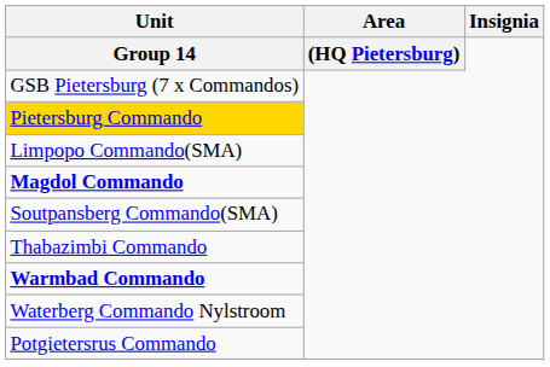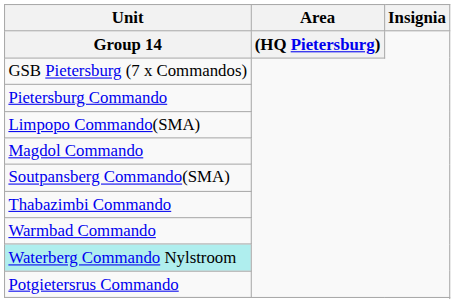 <table class="wikitable">
 <tr>
 <th>Unit</th>
 <th>Area</th>
 <th>Insignia</th>
 </tr>
 <tr>
 <th>Group 14</th>
 <th>(HQ <a href='#'>Pietersburg</a>)</th>
 </tr>
 <tr>
 <td>GSB <a href='#'>Pietersburg</a> (7 x Commandos)</td>
 </tr>
 <tr>
-<td style="background: gold;"><a href='#'>Pietersburg Commando</a></td>
+<td><a href='#'>Pietersburg Commando</a></td>
 </tr>
 <tr>
 <td><a href='#'>Limpopo Commando</a>(SMA)</td>
 </tr>
 <tr>
-<td><strong><a href='#'>Magdol Commando</a></strong></td>
+<td><a href='#'>Magdol Commando</a></td>
 </tr>
 <tr>
 <td><a href='#'>Soutpansberg Commando</a>(SMA)</td>
 </tr>
 <tr>
 <td><a href='#'>Thabazimbi Commando</a></td>
 </tr>
 <tr>
-<td><strong><a href='#'>Warmbad Commando</a></strong></td>
+<td><a href='#'>Warmbad Commando</a></td>
 </tr>
 <tr>
-<td><a href='#'>Waterberg Commando</a> Nylstroom</td>
+<td style="background: paleturquoise;"><a href='#'>Waterberg Commando</a> Nylstroom</td>
 </tr>
 <tr>
 <td><a href='#'>Potgietersrus Commando</a></td>
 </tr>
 <tr>
 </tr>
 </table>
